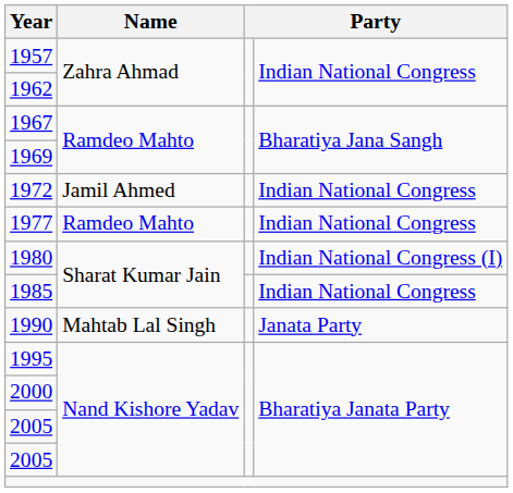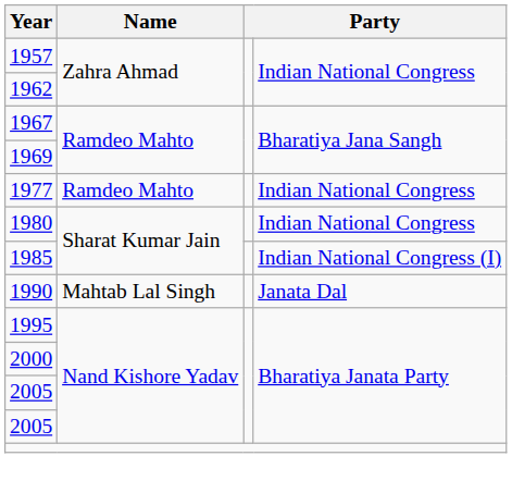 <table class="wikitable">
 <tr>
 <th>Year</th>
 <th>Name</th>
 <th colspan="2">Party</th>
 </tr>
 <tr>
 <td><a href='#'>1957</a></td>
 <td rowspan="2">Zahra Ahmad</td>
 <td rowspan="2" style="background-color: "></td>
 <td rowspan="2"><a href='#'>Indian National Congress</a></td>
 </tr>
 <tr>
 <td><a href='#'>1962</a></td>
 </tr>
 <tr>
 <td><a href='#'>1967</a></td>
 <td rowspan="2"><a href='#'>Ramdeo Mahto</a></td>
 <td rowspan="2" style="background-color: "></td>
 <td rowspan="2"><a href='#'>Bharatiya Jana Sangh</a></td>
 </tr>
 <tr>
 <td><a href='#'>1969</a></td>
 </tr>
 <tr>
-<td><a href='#'>1972</a></td>
-<td>Jamil Ahmed</td>
-<td style="background-color: "></td>
-<td><a href='#'>Indian National Congress</a></td>
-</tr>
-<tr>
 <td><a href='#'>1977</a></td>
 <td><a href='#'>Ramdeo Mahto</a></td>
 <td style="background-color: "></td>
 <td><a href='#'>Indian National Congress</a></td>
 </tr>
 <tr>
 <td><a href='#'>1980</a></td>
 <td rowspan="2">Sharat Kumar Jain</td>
 <td style="background-color: "></td>
-<td><a href='#'>Indian National Congress (I)</a></td>
+<td><a href='#'>Indian National Congress</a></td>
 </tr>
 <tr>
 <td><a href='#'>1985</a></td>
 <td style="background-color: "></td>
-<td><a href='#'>Indian National Congress</a></td>
+<td><a href='#'>Indian National Congress (I)</a></td>
 </tr>
 <tr>
 <td><a href='#'>1990</a></td>
 <td>Mahtab Lal Singh</td>
 <td style="background-color: "></td>
-<td><a href='#'>Janata Party</a></td>
+<td><a href='#'>Janata Dal</a></td>
 </tr>
 <tr>
 <td><a href='#'>1995</a></td>
 <td rowspan="4"><a href='#'>Nand Kishore Yadav</a></td>
 <td rowspan="4" style="background-color: "></td>
 <td rowspan="4"><a href='#'>Bharatiya Janata Party</a></td>
 </tr>
 <tr>
 <td><a href='#'>2000</a></td>
 </tr>
 <tr>
 <td><a href='#'>2005</a></td>
 </tr>
 <tr>
 <td><a href='#'>2005</a></td>
 </tr>
 <tr>
 <td colspan="4"></td>
 </tr>
 </table>
